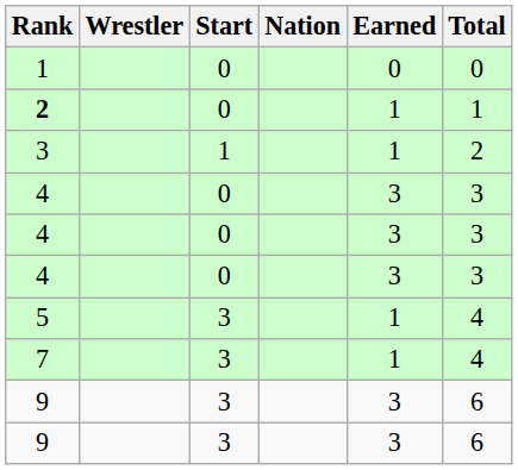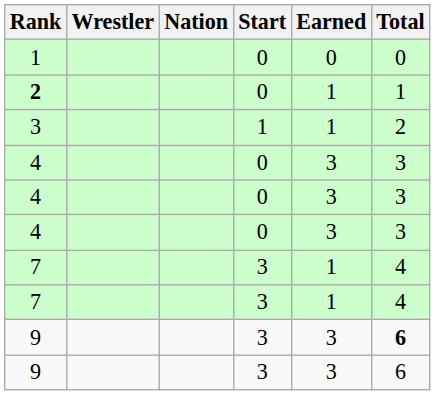 <table class="wikitable sortable" style="text-align:center;">
 <tr>
 <th>Rank</th>
 <th>Wrestler</th>
+<th>Nation</th>
 <th>Start</th>
-<th>Nation</th>
 <th>Earned</th>
 <th>Total</th>
 </tr>
 <tr style="background:#cfc;">
 <td>1</td>
 <td align=left></td>
+<td align=left></td>
 <td>0</td>
-<td align=left></td>
 <td>0</td>
 <td>0</td>
 </tr>
 <tr style="background:#cfc;">
 <td><strong>2</strong></td>
 <td align=left></td>
+<td align=left></td>
 <td>0</td>
-<td align=left></td>
 <td>1</td>
 <td>1</td>
 </tr>
 <tr style="background:#cfc;">
 <td>3</td>
 <td align=left></td>
+<td align=left></td>
 <td>1</td>
-<td align=left></td>
 <td>1</td>
 <td>2</td>
 </tr>
 <tr style="background:#cfc;">
 <td>4</td>
 <td align=left></td>
+<td align=left></td>
 <td>0</td>
-<td align=left></td>
 <td>3</td>
 <td>3</td>
 </tr>
 <tr style="background:#cfc;">
 <td>4</td>
 <td align=left></td>
+<td align=left></td>
 <td>0</td>
-<td align=left></td>
 <td>3</td>
 <td>3</td>
 </tr>
 <tr style="background:#cfc;">
 <td>4</td>
 <td align=left></td>
+<td align=left></td>
 <td>0</td>
-<td align=left></td>
 <td>3</td>
 <td>3</td>
 </tr>
 <tr style="background:#cfc;">
-<td>5</td>
+<td>7</td>
+<td align=left></td>
 <td align=left></td>
 <td>3</td>
-<td align=left></td>
 <td>1</td>
 <td>4</td>
 </tr>
 <tr style="background:#cfc;">
 <td>7</td>
 <td align=left></td>
+<td align=left></td>
 <td>3</td>
-<td align=left></td>
 <td>1</td>
 <td>4</td>
 </tr>
 <tr>
 <td>9</td>
 <td align=left></td>
-<td>3</td>
 <td align=left></td>
 <td>3</td>
-<td>6</td>
+<td>3</td>
+<td><strong>6</strong></td>
 </tr>
 <tr>
 <td>9</td>
 <td align=left></td>
+<td align=left></td>
 <td>3</td>
-<td align=left></td>
 <td>3</td>
 <td>6</td>
 </tr>
 </table>
